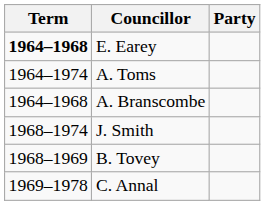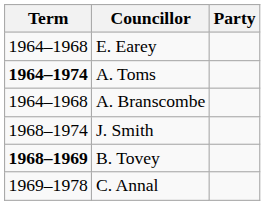 <table class="wikitable">
 <tr>
 <th>Term</th>
 <th>Councillor</th>
 <th colspan=2>Party</th>
 </tr>
 <tr>
-<td><strong>1964–1968</strong></td>
+<td>1964–1968</td>
 <td>E. Earey</td>
 <td></td>
 </tr>
 <tr>
-<td>1964–1974</td>
+<td><strong>1964–1974</strong></td>
 <td>A. Toms</td>
 <td></td>
 </tr>
 <tr>
 <td>1964–1968</td>
 <td>A. Branscombe</td>
 <td></td>
 </tr>
 <tr>
 <td>1968–1974</td>
 <td>J. Smith</td>
 <td></td>
 </tr>
 <tr>
-<td>1968–1969</td>
+<td><strong>1968–1969</strong></td>
 <td>B. Tovey</td>
 <td></td>
 </tr>
 <tr>
 <td>1969–1978</td>
 <td>C. Annal</td>
 <td></td>
 </tr>
 </table>
